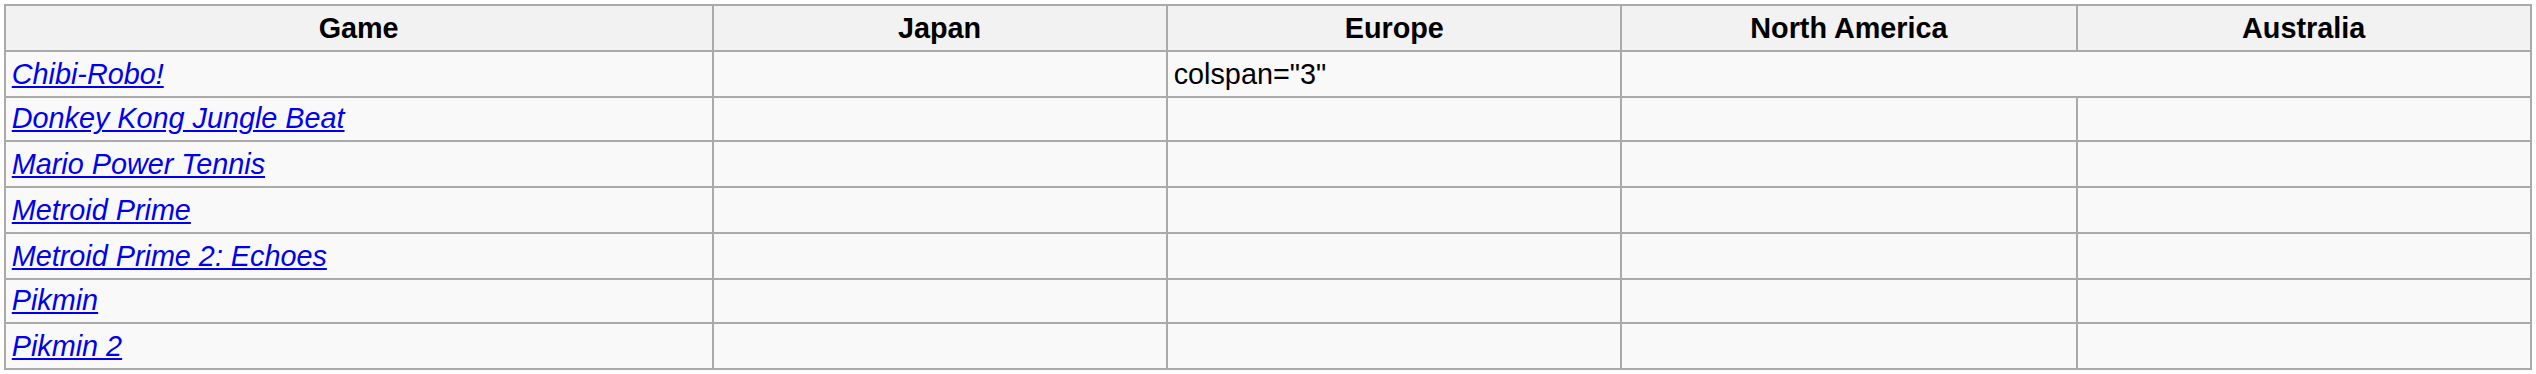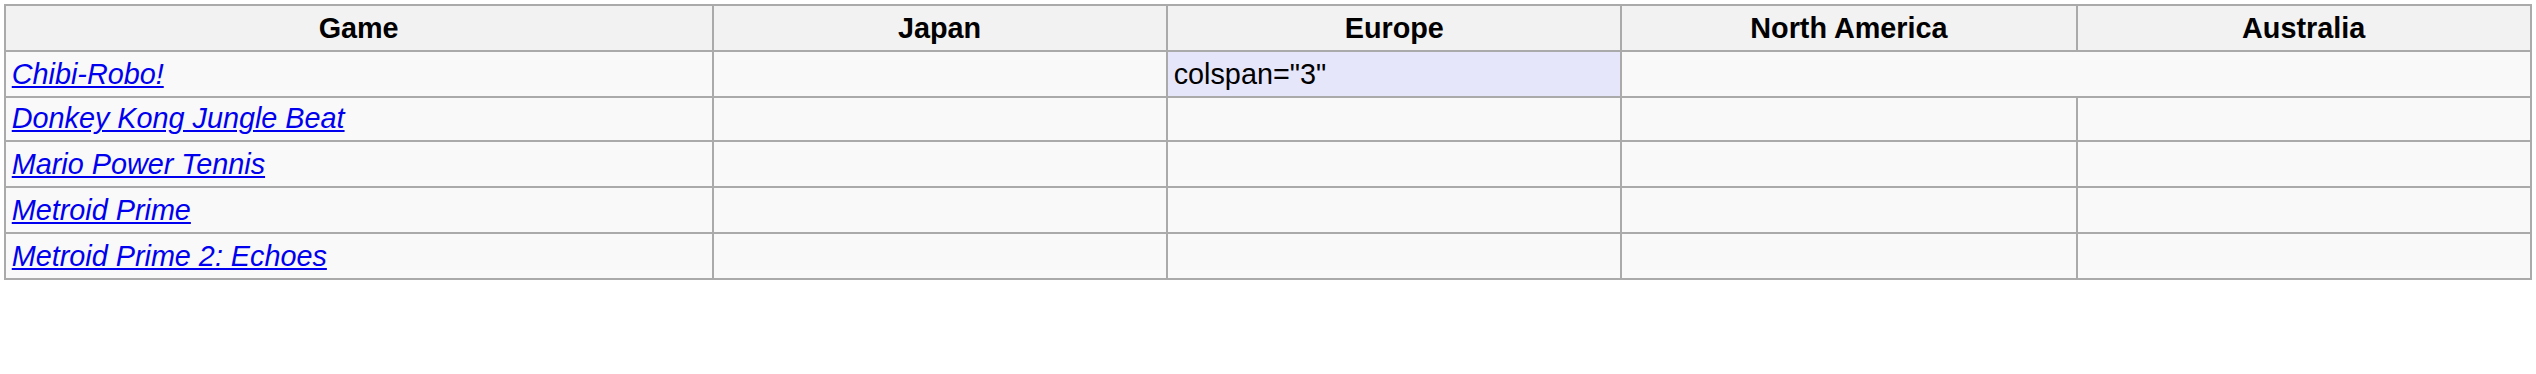 <table class="wikitable sortable" style="width: 100%; font-size: 90%">
 <tr>
 <th width=28%>Game</th>
 <th width=18%>Japan </th>
 <th width=18%>Europe </th>
 <th width=18%>North America </th>
 <th width=18%>Australia </th>
 </tr>
 <tr>
 <td><em><a href='#'>Chibi-Robo!</a></em></td>
 <td></td>
-<td>colspan="3" </td>
+<td style="background: lavender;">colspan="3" </td>
 </tr>
 <tr>
 <td><em><a href='#'>Donkey Kong Jungle Beat</a></em></td>
 <td></td>
 <td></td>
 <td></td>
 <td></td>
 </tr>
 <tr>
 <td><em><a href='#'>Mario Power Tennis</a></em> </td>
 <td></td>
 <td></td>
 <td></td>
 <td></td>
 </tr>
 <tr>
 <td><em><a href='#'>Metroid Prime</a></em> </td>
 <td></td>
 <td></td>
 <td></td>
 <td></td>
 </tr>
 <tr>
 <td><em><a href='#'>Metroid Prime 2: Echoes</a></em> </td>
 <td></td>
 <td></td>
 <td></td>
 <td></td>
 </tr>
 <tr>
-<td><em><a href='#'>Pikmin</a></em></td>
-<td></td>
-<td></td>
-<td></td>
-<td></td>
-</tr>
-<tr>
-<td><em><a href='#'>Pikmin 2</a></em> </td>
-<td></td>
-<td></td>
-<td></td>
-<td></td>
-</tr>
-<tr>
 </tr>
 </table>
